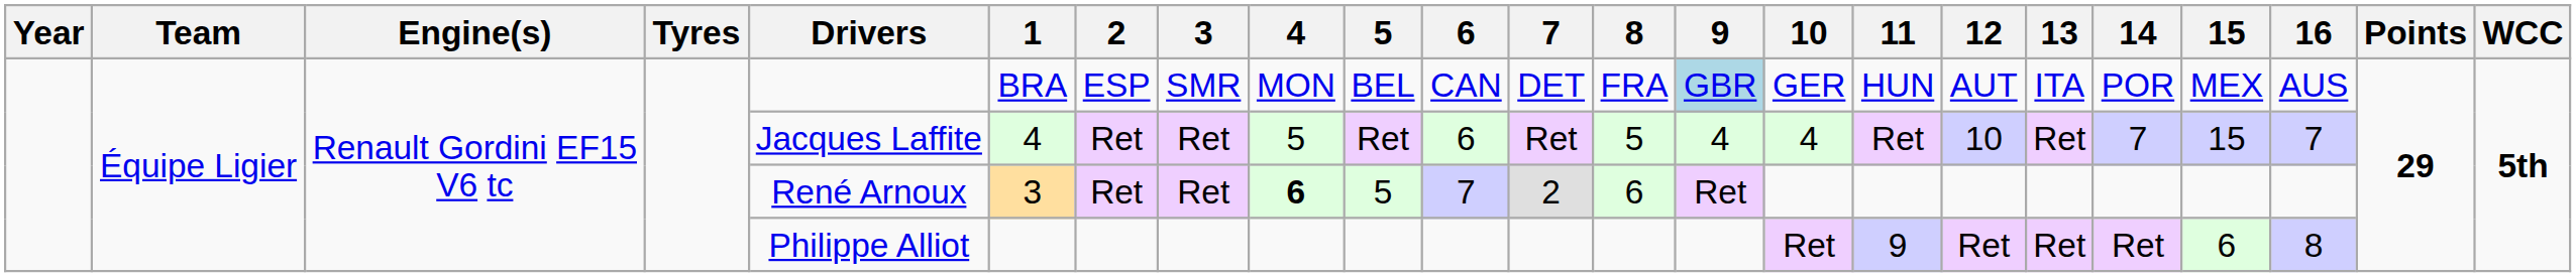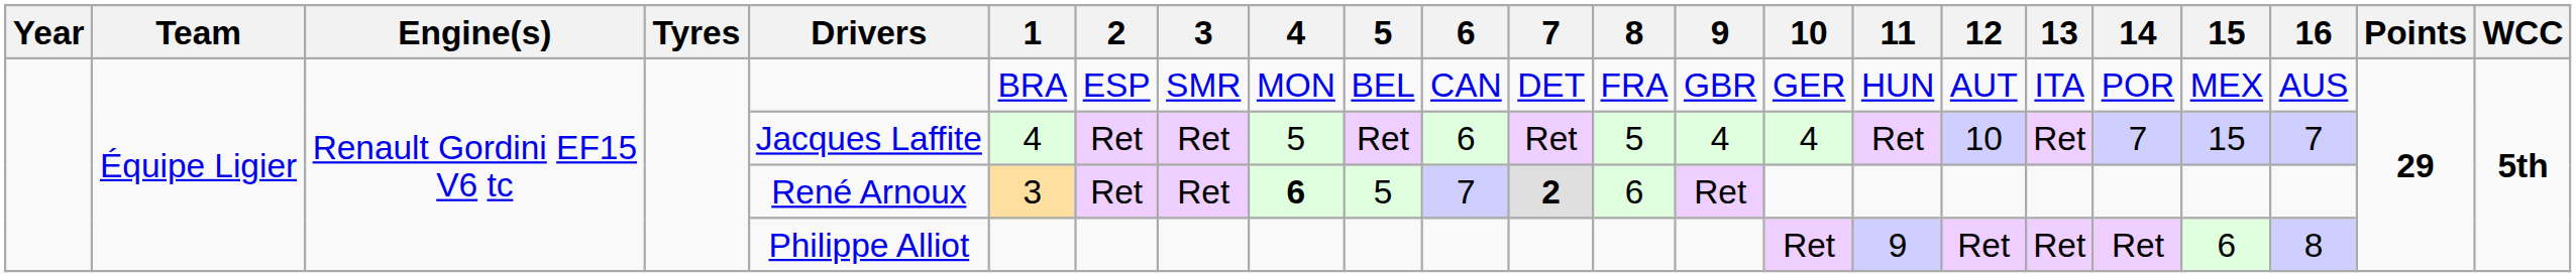 <table class="wikitable" style="text-align:center; font-size:95%">
 <tr>
 <th>Year</th>
 <th>Team</th>
 <th>Engine(s)</th>
 <th>Tyres</th>
 <th>Drivers</th>
 <th>1</th>
 <th>2</th>
 <th>3</th>
 <th>4</th>
 <th>5</th>
 <th>6</th>
 <th>7</th>
 <th>8</th>
 <th>9</th>
 <th>10</th>
 <th>11</th>
 <th>12</th>
 <th>13</th>
 <th>14</th>
 <th>15</th>
 <th>16</th>
 <th>Points</th>
 <th>WCC</th>
 </tr>
 <tr>
 <td rowspan="4"></td>
 <td rowspan="4"><a href='#'>Équipe Ligier</a></td>
 <td rowspan="4"><a href='#'>Renault Gordini</a> <a href='#'>EF15</a><br><a href='#'>V6</a> <a href='#'>tc</a></td>
 <td rowspan="4"></td>
 <td></td>
 <td><a href='#'>BRA</a></td>
 <td><a href='#'>ESP</a></td>
 <td><a href='#'>SMR</a></td>
 <td><a href='#'>MON</a></td>
 <td><a href='#'>BEL</a></td>
 <td><a href='#'>CAN</a></td>
 <td><a href='#'>DET</a></td>
 <td><a href='#'>FRA</a></td>
-<td style="background: lightblue;"><a href='#'>GBR</a></td>
+<td><a href='#'>GBR</a></td>
 <td><a href='#'>GER</a></td>
 <td><a href='#'>HUN</a></td>
 <td><a href='#'>AUT</a></td>
 <td><a href='#'>ITA</a></td>
 <td><a href='#'>POR</a></td>
 <td><a href='#'>MEX</a></td>
 <td><a href='#'>AUS</a></td>
 <td rowspan="4"><strong>29</strong></td>
 <td rowspan="4"><strong>5th</strong></td>
 </tr>
 <tr>
 <td> <a href='#'>Jacques Laffite</a></td>
 <td style="background:#DFFFDF;">4</td>
 <td style="background:#EFCFFF;">Ret</td>
 <td style="background:#EFCFFF;">Ret</td>
 <td style="background:#DFFFDF;">5</td>
 <td style="background:#EFCFFF;">Ret</td>
 <td style="background:#DFFFDF;">6</td>
 <td style="background:#EFCFFF;">Ret</td>
 <td style="background:#DFFFDF;">5</td>
 <td style="background:#DFFFDF;">4</td>
 <td style="background:#DFFFDF;">4</td>
 <td style="background:#EFCFFF;">Ret</td>
 <td style="background:#CFCFFF;">10</td>
 <td style="background:#EFCFFF;">Ret</td>
 <td style="background:#CFCFFF;">7</td>
 <td style="background:#CFCFFF;">15</td>
 <td style="background:#CFCFFF;">7</td>
 </tr>
 <tr>
 <td> <a href='#'>René Arnoux</a></td>
 <td style="background:#FFDF9F;">3</td>
 <td style="background:#EFCFFF;">Ret</td>
 <td style="background:#EFCFFF;">Ret</td>
 <td style="background:#DFFFDF;"><strong>6</strong></td>
 <td style="background:#DFFFDF;">5</td>
 <td style="background:#CFCFFF;">7</td>
-<td style="background:#DFDFDF;">2</td>
+<td style="background:#DFDFDF;"><strong>2</strong></td>
 <td style="background:#DFFFDF;">6</td>
 <td style="background:#EFCFFF;">Ret</td>
 <td></td>
 <td></td>
 <td></td>
 <td></td>
 <td></td>
 <td></td>
 <td></td>
 </tr>
 <tr>
 <td> <a href='#'>Philippe Alliot</a></td>
 <td></td>
 <td></td>
 <td></td>
 <td></td>
 <td></td>
 <td></td>
 <td></td>
 <td></td>
 <td></td>
 <td style="background:#EFCFFF;">Ret</td>
 <td style="background:#CFCFFF;">9</td>
 <td style="background:#EFCFFF;">Ret</td>
 <td style="background:#EFCFFF;">Ret</td>
 <td style="background:#EFCFFF;">Ret</td>
 <td style="background:#DFFFDF;">6</td>
 <td style="background:#CFCFFF;">8</td>
 </tr>
 </table>
